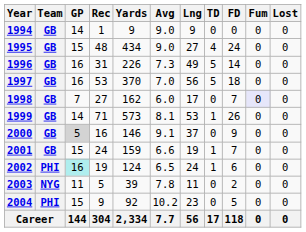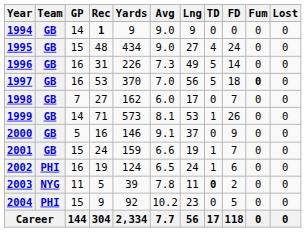 <table class="wikitable" style="text-align:center;">
 <tr>
 <th>Year</th>
 <th>Team</th>
 <th>GP</th>
 <th>Rec</th>
 <th>Yards</th>
 <th>Avg</th>
 <th>Lng</th>
 <th>TD</th>
 <th>FD</th>
 <th>Fum</th>
 <th>Lost</th>
 </tr>
 <tr>
 <th><a href='#'>1994</a></th>
 <th><a href='#'>GB</a></th>
 <td>14</td>
-<td>1</td>
+<td><strong>1</strong></td>
 <td>9</td>
 <td>9.0</td>
 <td>9</td>
 <td>0</td>
 <td>0</td>
 <td>0</td>
 <td>0</td>
 </tr>
 <tr>
 <th><a href='#'>1995</a></th>
 <th><a href='#'>GB</a></th>
 <td>15</td>
 <td>48</td>
 <td>434</td>
 <td>9.0</td>
 <td>27</td>
 <td>4</td>
 <td>24</td>
 <td>0</td>
 <td>0</td>
 </tr>
 <tr>
 <th><a href='#'>1996</a></th>
 <th><a href='#'>GB</a></th>
 <td>16</td>
 <td>31</td>
 <td>226</td>
 <td>7.3</td>
 <td>49</td>
 <td>5</td>
 <td>14</td>
 <td>0</td>
 <td>0</td>
 </tr>
 <tr>
 <th><a href='#'>1997</a></th>
 <th><a href='#'>GB</a></th>
 <td>16</td>
 <td>53</td>
 <td>370</td>
 <td>7.0</td>
 <td>56</td>
 <td>5</td>
 <td>18</td>
-<td>0</td>
+<td><strong>0</strong></td>
 <td>0</td>
 </tr>
 <tr>
 <th><a href='#'>1998</a></th>
 <th><a href='#'>GB</a></th>
 <td>7</td>
 <td>27</td>
 <td>162</td>
 <td>6.0</td>
 <td>17</td>
 <td>0</td>
 <td>7</td>
-<td style="background: lavender;">0</td>
+<td>0</td>
 <td>0</td>
 </tr>
 <tr>
 <th><a href='#'>1999</a></th>
 <th><a href='#'>GB</a></th>
 <td>14</td>
 <td>71</td>
 <td>573</td>
 <td>8.1</td>
 <td>53</td>
 <td>1</td>
 <td>26</td>
 <td>0</td>
 <td>0</td>
 </tr>
 <tr>
 <th><a href='#'>2000</a></th>
 <th><a href='#'>GB</a></th>
-<td style="background: lightgrey;">5</td>
+<td>5</td>
 <td>16</td>
 <td>146</td>
 <td>9.1</td>
 <td>37</td>
 <td>0</td>
 <td>9</td>
 <td>0</td>
 <td>0</td>
 </tr>
 <tr>
 <th><a href='#'>2001</a></th>
 <th><a href='#'>GB</a></th>
 <td>15</td>
 <td>24</td>
 <td>159</td>
 <td>6.6</td>
 <td>19</td>
 <td>1</td>
 <td>7</td>
 <td>0</td>
 <td>0</td>
 </tr>
 <tr>
 <th><a href='#'>2002</a></th>
 <th><a href='#'>PHI</a></th>
-<td style="background: paleturquoise;">16</td>
+<td>16</td>
 <td>19</td>
 <td>124</td>
 <td>6.5</td>
 <td>24</td>
 <td>1</td>
 <td>6</td>
 <td>0</td>
 <td>0</td>
 </tr>
 <tr>
 <th><a href='#'>2003</a></th>
 <th><a href='#'>NYG</a></th>
 <td>11</td>
 <td>5</td>
 <td>39</td>
 <td>7.8</td>
 <td>11</td>
-<td>0</td>
+<td><strong>0</strong></td>
 <td>2</td>
 <td>0</td>
 <td>0</td>
 </tr>
 <tr>
 <th><a href='#'>2004</a></th>
 <th><a href='#'>PHI</a></th>
 <td>15</td>
 <td>9</td>
 <td>92</td>
 <td>10.2</td>
 <td>23</td>
 <td>0</td>
 <td>5</td>
 <td>0</td>
 <td>0</td>
 </tr>
 <tr>
 <th colspan="2">Career</th>
 <th>144</th>
 <th>304</th>
 <th>2,334</th>
 <th>7.7</th>
 <th>56</th>
 <th>17</th>
 <th>118</th>
 <th>0</th>
 <th>0</th>
 </tr>
 </table>
